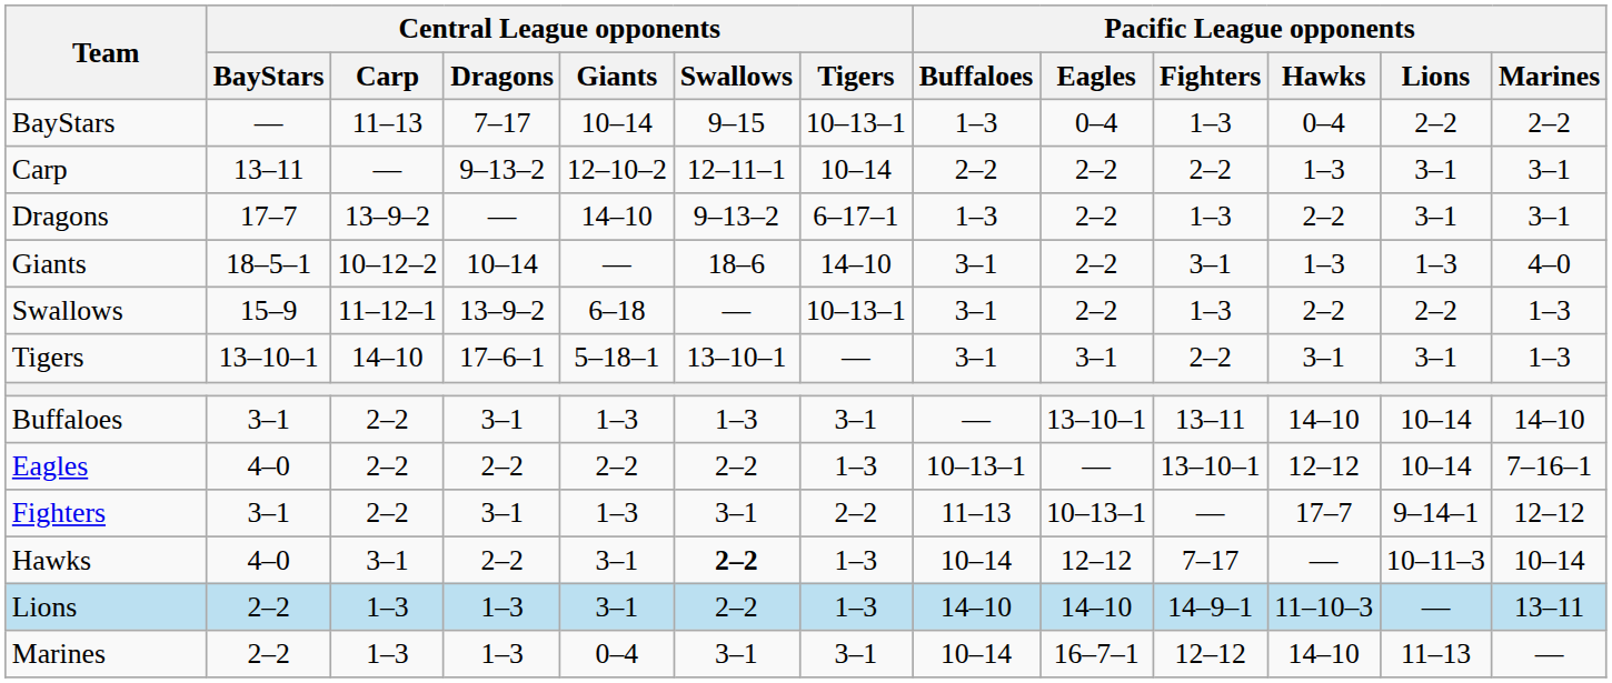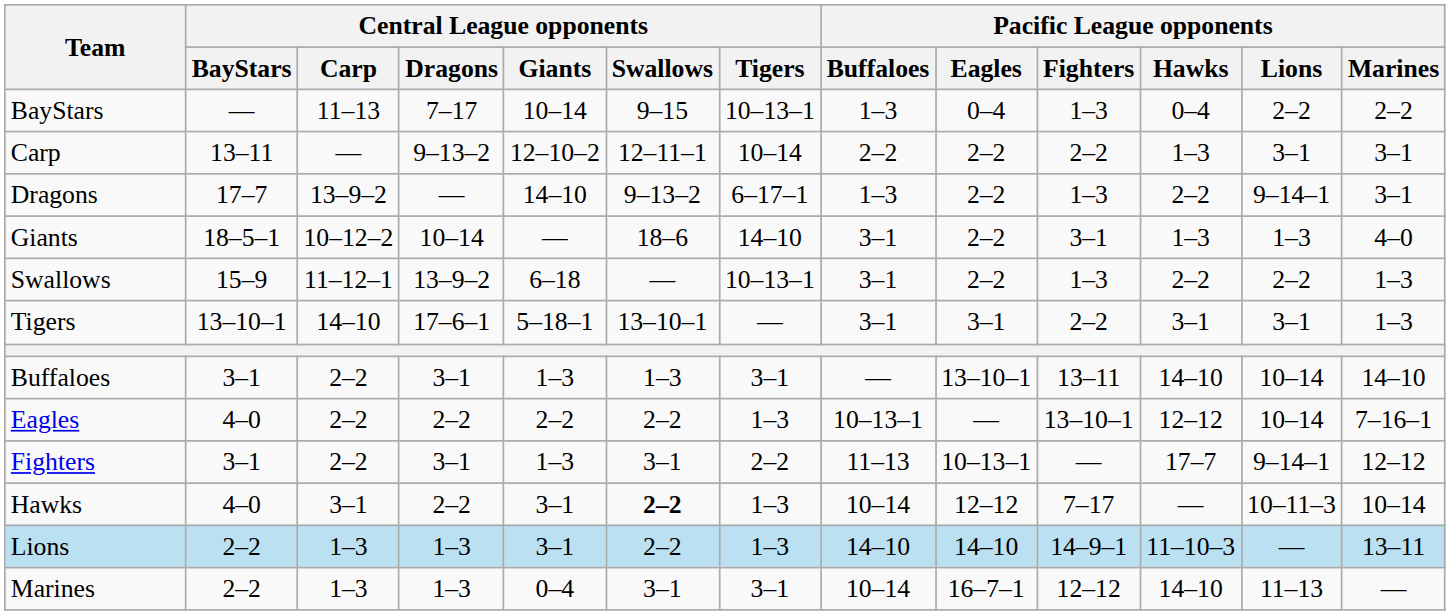 <table class="wikitable" style="font-size:95%; text-align:center;">
 <tr>
 <th rowspan=2 width=100>Team</th>
 <th colspan=6>Central League opponents</th>
 <th colspan=6>Pacific League opponents</th>
 </tr>
 <tr>
 <th style=>BayStars</th>
 <th style=>Carp</th>
 <th style=>Dragons</th>
 <th style=>Giants</th>
 <th style=>Swallows</th>
 <th style=>Tigers</th>
 <th style=>Buffaloes</th>
 <th style=>Eagles</th>
 <th style=>Fighters</th>
 <th style=>Hawks</th>
 <th style=>Lions</th>
 <th style=>Marines</th>
 </tr>
 <tr>
 <td style="text-align:left;">BayStars</td>
 <td>—</td>
 <td>11–13</td>
 <td>7–17</td>
 <td>10–14</td>
 <td>9–15</td>
 <td>10–13–1</td>
 <td>1–3</td>
 <td>0–4</td>
 <td>1–3</td>
 <td>0–4</td>
 <td>2–2</td>
 <td>2–2</td>
 </tr>
 <tr>
 <td style="text-align:left;">Carp</td>
 <td>13–11</td>
 <td>—</td>
 <td>9–13–2</td>
 <td>12–10–2</td>
 <td>12–11–1</td>
 <td>10–14</td>
 <td>2–2</td>
 <td>2–2</td>
 <td>2–2</td>
 <td>1–3</td>
 <td>3–1</td>
 <td>3–1</td>
 </tr>
 <tr>
 <td style="text-align:left;">Dragons</td>
 <td>17–7</td>
 <td>13–9–2</td>
 <td>—</td>
 <td>14–10</td>
 <td>9–13–2</td>
 <td>6–17–1</td>
 <td>1–3</td>
 <td>2–2</td>
 <td>1–3</td>
 <td>2–2</td>
-<td>3–1</td>
+<td>9–14–1</td>
 <td>3–1</td>
 </tr>
 <tr>
 <td style="text-align:left;">Giants</td>
 <td>18–5–1</td>
 <td>10–12–2</td>
 <td>10–14</td>
 <td>—</td>
 <td>18–6</td>
 <td>14–10</td>
 <td>3–1</td>
 <td>2–2</td>
 <td>3–1</td>
 <td>1–3</td>
 <td>1–3</td>
 <td>4–0</td>
 </tr>
 <tr>
 <td style="text-align:left;">Swallows</td>
 <td>15–9</td>
 <td>11–12–1</td>
 <td>13–9–2</td>
 <td>6–18</td>
 <td>—</td>
 <td>10–13–1</td>
 <td>3–1</td>
 <td>2–2</td>
 <td>1–3</td>
 <td>2–2</td>
 <td>2–2</td>
 <td>1–3</td>
 </tr>
 <tr>
 <td style="text-align:left;">Tigers</td>
 <td>13–10–1</td>
 <td>14–10</td>
 <td>17–6–1</td>
 <td>5–18–1</td>
 <td>13–10–1</td>
 <td>—</td>
 <td>3–1</td>
 <td>3–1</td>
 <td>2–2</td>
 <td>3–1</td>
 <td>3–1</td>
 <td>1–3</td>
 </tr>
 <tr>
 <th colspan="13"></th>
 </tr>
 <tr>
 <td style="text-align:left;">Buffaloes</td>
 <td>3–1</td>
 <td>2–2</td>
 <td>3–1</td>
 <td>1–3</td>
 <td>1–3</td>
 <td>3–1</td>
 <td>—</td>
 <td>13–10–1</td>
 <td>13–11</td>
 <td>14–10</td>
 <td>10–14</td>
 <td>14–10</td>
 </tr>
 <tr>
 <td style="text-align:left;"><a href='#'>Eagles</a></td>
 <td>4–0</td>
 <td>2–2</td>
 <td>2–2</td>
 <td>2–2</td>
 <td>2–2</td>
 <td>1–3</td>
 <td>10–13–1</td>
 <td>—</td>
 <td>13–10–1</td>
 <td>12–12</td>
 <td>10–14</td>
 <td>7–16–1</td>
 </tr>
 <tr>
 <td style="text-align:left;"><a href='#'>Fighters</a></td>
 <td>3–1</td>
 <td>2–2</td>
 <td>3–1</td>
 <td>1–3</td>
 <td>3–1</td>
 <td>2–2</td>
 <td>11–13</td>
 <td>10–13–1</td>
 <td>—</td>
 <td>17–7</td>
 <td>9–14–1</td>
 <td>12–12</td>
 </tr>
 <tr>
 <td style="text-align:left;">Hawks</td>
 <td>4–0</td>
 <td>3–1</td>
 <td>2–2</td>
 <td>3–1</td>
 <td><strong>2–2</strong></td>
 <td>1–3</td>
 <td>10–14</td>
 <td>12–12</td>
 <td>7–17</td>
 <td>—</td>
 <td>10–11–3</td>
 <td>10–14</td>
 </tr>
 <tr style="background: #bbe0f1">
 <td style="text-align:left;">Lions</td>
 <td>2–2</td>
 <td>1–3</td>
 <td>1–3</td>
 <td>3–1</td>
 <td>2–2</td>
 <td>1–3</td>
 <td>14–10</td>
 <td>14–10</td>
 <td>14–9–1</td>
 <td>11–10–3</td>
 <td>—</td>
 <td>13–11</td>
 </tr>
 <tr>
 <td style="text-align:left;">Marines</td>
 <td>2–2</td>
 <td>1–3</td>
 <td>1–3</td>
 <td>0–4</td>
 <td>3–1</td>
 <td>3–1</td>
 <td>10–14</td>
 <td>16–7–1</td>
 <td>12–12</td>
 <td>14–10</td>
 <td>11–13</td>
 <td>—</td>
 </tr>
 </table>
